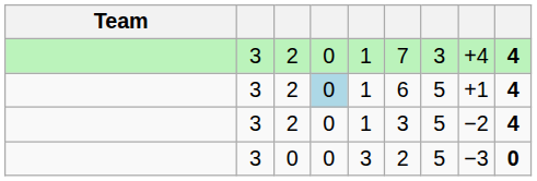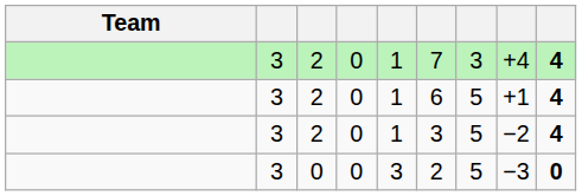 <table class="wikitable" style="text-align: center;">
 <tr>
 <th width=165>Team</th>
 <th width=20></th>
 <th width=20></th>
 <th width=20></th>
 <th width=20></th>
 <th width=20></th>
 <th width=20></th>
 <th width=20></th>
 <th width=20></th>
 </tr>
 <tr bgcolor=#BBF3BB>
 <td align=left></td>
 <td>3</td>
 <td>2</td>
 <td>0</td>
 <td>1</td>
 <td>7</td>
 <td>3</td>
 <td>+4</td>
 <td><strong>4</strong></td>
 </tr>
 <tr>
 <td align="left"></td>
 <td>3</td>
 <td>2</td>
-<td style="background: lightblue;">0</td>
+<td>0</td>
 <td>1</td>
 <td>6</td>
 <td>5</td>
 <td>+1</td>
 <td><strong>4</strong></td>
 </tr>
 <tr>
 <td align=left></td>
 <td>3</td>
 <td>2</td>
 <td>0</td>
 <td>1</td>
 <td>3</td>
 <td>5</td>
 <td>−2</td>
 <td><strong>4</strong></td>
 </tr>
 <tr>
 <td align=left></td>
 <td>3</td>
 <td>0</td>
 <td>0</td>
 <td>3</td>
 <td>2</td>
 <td>5</td>
 <td>−3</td>
 <td><strong>0</strong></td>
 </tr>
 </table>
